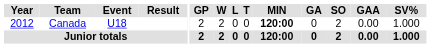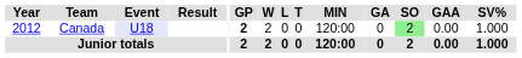 <table border="0" cellpadding="1" cellspacing="0" id="Table3" style="text-align:center; width:40em">
 <tr ALIGN="center" bgcolor="#e0e0e0">
 <th>Year</th>
 <th>Team</th>
 <th>Event</th>
 <th>Result</th>
 <th rowspan="97" bgcolor="#ffffff"></th>
 <th>GP</th>
 <th>W</th>
 <th>L</th>
 <th>T</th>
 <th>MIN</th>
 <th>GA</th>
 <th>SO</th>
 <th>GAA</th>
 <th>SV%</th>
 </tr>
 <tr>
 <td><a href='#'>2012</a></td>
 <td><a href='#'>Canada</a></td>
-<td><a href='#'>U18</a></td>
+<td style="background: lavender;"><a href='#'>U18</a></td>
 <td></td>
-<td>2</td>
+<td><strong>2</strong></td>
 <td>2</td>
 <td>0</td>
 <td>0</td>
-<td><strong>120:00</strong></td>
+<td>120:00</td>
 <td>0</td>
-<td>2</td>
+<td style="background: lightgreen;">2</td>
 <td>0.00</td>
 <td>1.000</td>
 </tr>
 <tr bgcolor="#e0e0e0">
 <th colspan="4">Junior totals</th>
 <th>2</th>
 <th>2</th>
 <th>0</th>
 <th>0</th>
 <th>120:00</th>
 <th>0</th>
 <th>2</th>
 <th>0.00</th>
 <th>1.000</th>
 </tr>
 </table>
